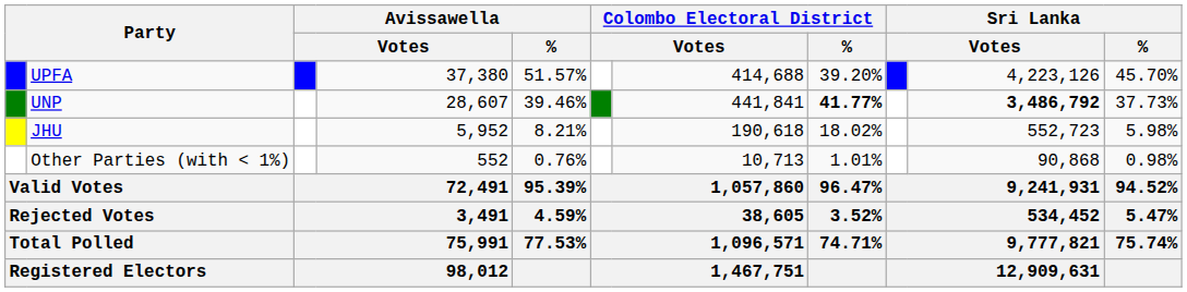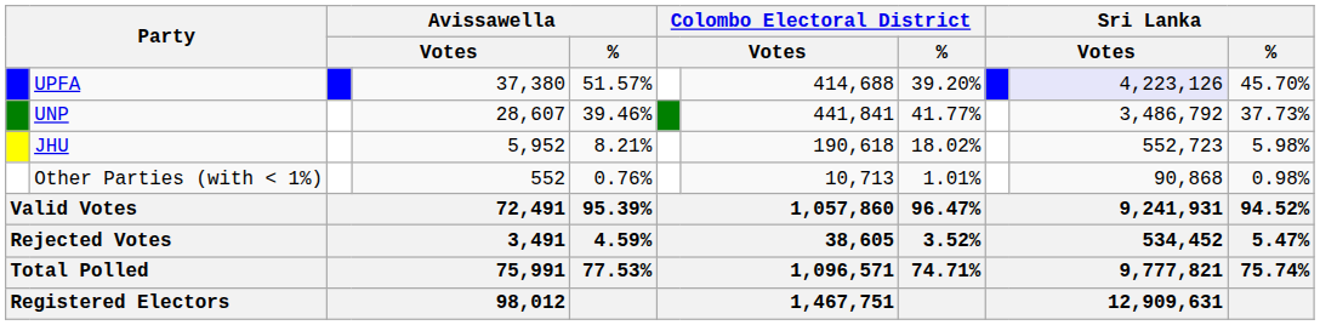 <table class="wikitable">
 <tr>
 <th colspan="2" width="144px"rowspan="2">Party</th>
 <th colspan="3" width="216px">Avissawella</th>
 <th colspan="3" width="216px"><a href='#'>Colombo Electoral District</a></th>
 <th colspan="3" width="216px">Sri Lanka</th>
 </tr>
 <tr>
 <th colspan="2" width="144px">Votes</th>
 <th>%</th>
 <th colspan="2" width="144px">Votes</th>
 <th>%</th>
 <th colspan="2" width="144px">Votes</th>
 <th>%</th>
 </tr>
 <tr>
 <td style="background-color:blue;" width="10px"></td>
 <td style="text-align:left;"><a href='#'>UPFA</a></td>
 <td style="background-color:blue;" width="10px"></td>
 <td style="text-align:right;">37,380</td>
 <td style="text-align:right;">51.57%</td>
 <td style="background-color:white;" width="10px"></td>
 <td style="text-align:right;">414,688</td>
 <td style="text-align:right;">39.20%</td>
 <td style="background-color:blue;" width="10px"></td>
-<td style="text-align:right;">4,223,126</td>
+<td style="background: lavender; text-align:right;">4,223,126</td>
 <td style="text-align:right;">45.70%</td>
 </tr>
 <tr>
 <td style="background-color:green;" width="10px"></td>
 <td style="text-align:left;"><a href='#'>UNP</a></td>
 <td style="background-color:white;" width="10px"></td>
 <td style="text-align:right;">28,607</td>
 <td style="text-align:right;">39.46%</td>
 <td style="background-color:green;" width="10px"></td>
 <td style="text-align:right;">441,841</td>
-<td style="text-align:right;"><strong>41.77%</strong></td>
+<td style="text-align:right;">41.77%</td>
 <td style="background-color:white;" width="10px"></td>
-<td style="text-align:right;"><strong>3,486,792</strong></td>
+<td style="text-align:right;">3,486,792</td>
 <td style="text-align:right;">37.73%</td>
 </tr>
 <tr>
 <td style="background-color:yellow;" width="10px"></td>
 <td style="text-align:left;"><a href='#'>JHU</a></td>
 <td style="background-color:white;" width="10px"></td>
 <td style="text-align:right;">5,952</td>
 <td style="text-align:right;">8.21%</td>
 <td style="background-color:white;" width="10px"></td>
 <td style="text-align:right;">190,618</td>
 <td style="text-align:right;">18.02%</td>
 <td style="background-color:white;" width="10px"></td>
 <td style="text-align:right;">552,723</td>
 <td style="text-align:right;">5.98%</td>
 </tr>
 <tr>
 <td style="background-color:white;" width="10px"></td>
 <td style="text-align:left;">Other Parties (with < 1%)</td>
 <td style="background-color:white;" width="10px"></td>
 <td style="text-align:right;">552</td>
 <td style="text-align:right;">0.76%</td>
 <td style="background-color:white;" width="10px"></td>
 <td style="text-align:right;">10,713</td>
 <td style="text-align:right;">1.01%</td>
 <td style="background-color:white;" width="10px"></td>
 <td style="text-align:right;">90,868</td>
 <td style="text-align:right;">0.98%</td>
 </tr>
 <tr>
 <th colspan="2" width="144px"style="text-align:left;">Valid Votes</th>
 <th style="text-align:right;"colspan="2" width="144px">72,491</th>
 <th style="text-align:right;">95.39%</th>
 <th style="text-align:right;"colspan="2" width="144px">1,057,860</th>
 <th style="text-align:right;">96.47%</th>
 <th style="text-align:right;"colspan="2" width="144px">9,241,931</th>
 <th style="text-align:right;">94.52%</th>
 </tr>
 <tr>
 <th colspan="2" width="144px"style="text-align:left;">Rejected Votes</th>
 <th style="text-align:right;"colspan="2" width="144px">3,491</th>
 <th style="text-align:right;">4.59%</th>
 <th style="text-align:right;"colspan="2" width="144px">38,605</th>
 <th style="text-align:right;">3.52%</th>
 <th style="text-align:right;"colspan="2" width="144px">534,452</th>
 <th style="text-align:right;">5.47%</th>
 </tr>
 <tr>
 <th colspan="2" width="144px"style="text-align:left;">Total Polled</th>
 <th style="text-align:right;"colspan="2" width="144px">75,991</th>
 <th style="text-align:right;">77.53%</th>
 <th style="text-align:right;"colspan="2" width="144px">1,096,571</th>
 <th style="text-align:right;">74.71%</th>
 <th style="text-align:right;"colspan="2" width="144px">9,777,821</th>
 <th style="text-align:right;">75.74%</th>
 </tr>
 <tr>
 <th colspan="2" width="144px"style="text-align:left;">Registered Electors</th>
 <th style="text-align:right;"colspan="2" width="144px">98,012</th>
 <th></th>
 <th style="text-align:right;"colspan="2" width="144px">1,467,751</th>
 <th></th>
 <th style="text-align:right;"colspan="2" width="144px">12,909,631</th>
 <th></th>
 </tr>
 </table>
